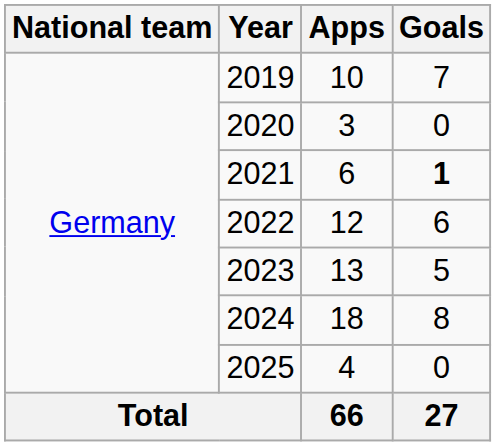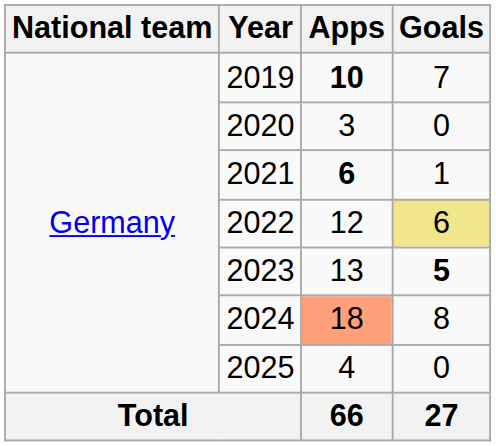 <table class="wikitable" style="text-align:center">
 <tr>
 <th>National team</th>
 <th>Year</th>
 <th>Apps</th>
 <th>Goals</th>
 </tr>
 <tr>
 <td rowspan="7"><a href='#'>Germany</a></td>
 <td>2019</td>
-<td>10</td>
+<td><strong>10</strong></td>
 <td>7</td>
 </tr>
 <tr>
 <td>2020</td>
 <td>3</td>
 <td>0</td>
 </tr>
 <tr>
 <td>2021</td>
-<td>6</td>
-<td><strong>1</strong></td>
+<td><strong>6</strong></td>
+<td>1</td>
 </tr>
 <tr>
 <td>2022</td>
 <td>12</td>
-<td>6</td>
+<td style="background: khaki;">6</td>
 </tr>
 <tr>
 <td>2023</td>
 <td>13</td>
-<td>5</td>
+<td><strong>5</strong></td>
 </tr>
 <tr>
 <td>2024</td>
-<td>18</td>
+<td style="background: lightsalmon;">18</td>
 <td>8</td>
 </tr>
 <tr>
 <td>2025</td>
 <td>4</td>
 <td>0</td>
 </tr>
 <tr>
 <th colspan="2">Total</th>
 <th>66</th>
 <th>27</th>
 </tr>
 </table>
